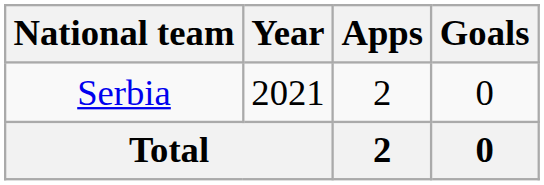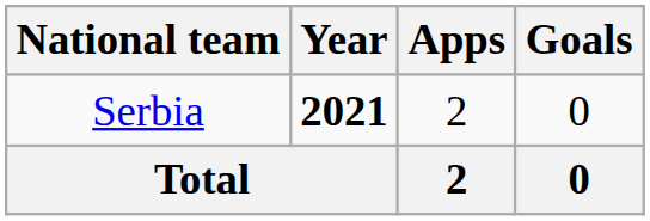 <table class="wikitable" style="text-align:center">
 <tr>
 <th>National team</th>
 <th>Year</th>
 <th>Apps</th>
 <th>Goals</th>
 </tr>
 <tr>
 <td><a href='#'>Serbia</a></td>
-<td>2021</td>
+<td><strong>2021</strong></td>
 <td>2</td>
 <td>0</td>
 </tr>
 <tr>
 <th colspan="2">Total</th>
 <th>2</th>
 <th>0</th>
 </tr>
 </table>
